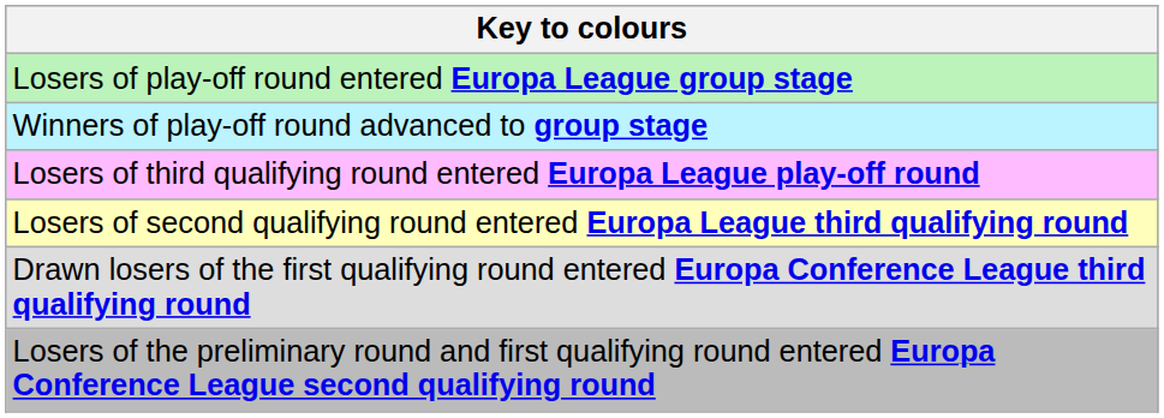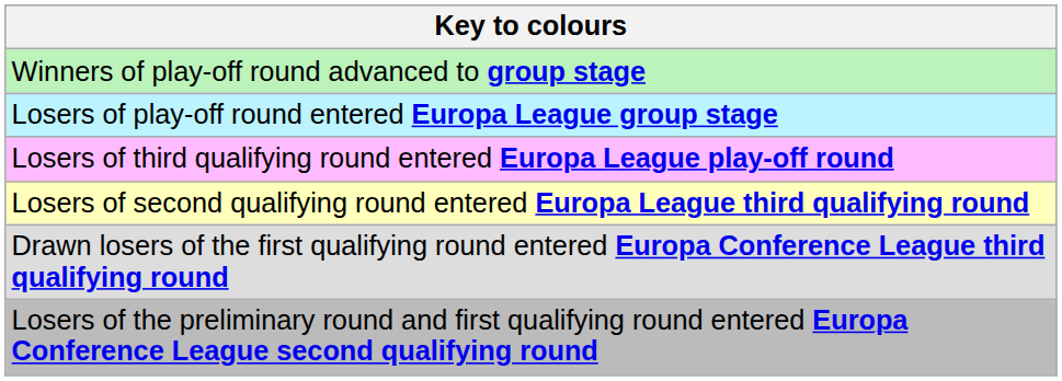 <table class="wikitable">
 <tr>
 <th>Key to colours</th>
 </tr>
 <tr bgcolor=#BBF3BB>
-<td>Losers of play-off round entered <strong><a href='#'>Europa League group stage</a></strong></td>
+<td>Winners of play-off round advanced to <strong><a href='#'>group stage</a></strong></td>
 </tr>
 <tr bgcolor=#BBF3FF>
-<td>Winners of play-off round advanced to <strong><a href='#'>group stage</a></strong></td>
+<td>Losers of play-off round entered <strong><a href='#'>Europa League group stage</a></strong></td>
 </tr>
 <tr bgcolor=#FFBBFF>
 <td>Losers of third qualifying round entered <strong><a href='#'>Europa League play-off round</a></strong></td>
 </tr>
 <tr bgcolor=#FFFFBB>
 <td>Losers of second qualifying round entered <strong><a href='#'>Europa League third qualifying round</a></strong></td>
 </tr>
 <tr bgcolor=#DDDDDD>
 <td>Drawn losers of the first qualifying round entered <strong><a href='#'>Europa Conference League third qualifying round</a></strong></td>
 </tr>
 <tr bgcolor=#BBBBBB>
 <td>Losers of the preliminary round and first qualifying round entered <strong><a href='#'>Europa Conference League second qualifying round</a></strong></td>
 </tr>
 </table>
